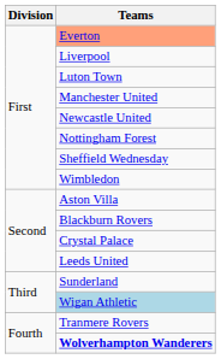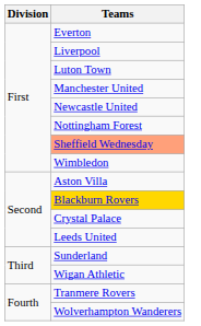 <table class="wikitable plainrowheaders">
 <tr>
 <th scope=col>Division</th>
 <th scope=col>Teams</th>
 </tr>
 <tr>
 <td rowspan=8>First</td>
-<td style="background: lightsalmon;"><a href='#'>Everton</a></td>
+<td><a href='#'>Everton</a></td>
 </tr>
 <tr>
 <td><a href='#'>Liverpool</a></td>
 </tr>
 <tr>
 <td><a href='#'>Luton Town</a></td>
 </tr>
 <tr>
 <td><a href='#'>Manchester United</a></td>
 </tr>
 <tr>
 <td><a href='#'>Newcastle United</a></td>
 </tr>
 <tr>
 <td><a href='#'>Nottingham Forest</a></td>
 </tr>
 <tr>
-<td><a href='#'>Sheffield Wednesday</a></td>
+<td style="background: lightsalmon;"><a href='#'>Sheffield Wednesday</a></td>
 </tr>
 <tr>
 <td><a href='#'>Wimbledon</a></td>
 </tr>
 <tr>
 <td rowspan=4>Second</td>
 <td><a href='#'>Aston Villa</a></td>
 </tr>
 <tr>
-<td><a href='#'>Blackburn Rovers</a></td>
+<td style="background: gold;"><a href='#'>Blackburn Rovers</a></td>
 </tr>
 <tr>
 <td><a href='#'>Crystal Palace</a></td>
 </tr>
 <tr>
 <td><a href='#'>Leeds United</a></td>
 </tr>
 <tr>
 <td rowspan=2>Third</td>
 <td><a href='#'>Sunderland</a></td>
 </tr>
 <tr>
-<td style="background: lightblue;"><a href='#'>Wigan Athletic</a></td>
+<td><a href='#'>Wigan Athletic</a></td>
 </tr>
 <tr>
 <td rowspan=2>Fourth</td>
 <td><a href='#'>Tranmere Rovers</a></td>
 </tr>
 <tr>
-<td><strong><a href='#'>Wolverhampton Wanderers</a></strong></td>
+<td><a href='#'>Wolverhampton Wanderers</a></td>
 </tr>
 </table>
